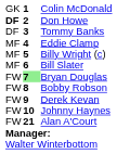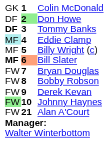 <table style="font-size:90%; margin:0.2em auto;" cellspacing="0" cellpadding="0">
 <tr>
 <th width="25"></th>
 <th width="25"></th>
 </tr>
 <tr>
 <td>GK</td>
 <td><strong>1</strong></td>
 <td><a href='#'>Colin McDonald</a></td>
 </tr>
 <tr>
-<td><strong>DF</strong></td>
-<td><strong>2</strong></td>
+<td>DF</td>
+<td style="background: lightgreen;"><strong>2</strong></td>
 <td><a href='#'>Don Howe</a></td>
 </tr>
 <tr>
-<td>DF</td>
+<td><strong>DF</strong></td>
 <td><strong>3</strong></td>
 <td><a href='#'>Tommy Banks</a></td>
 </tr>
 <tr>
-<td>MF</td>
+<td style="background: paleturquoise;">MF</td>
 <td><strong>4</strong></td>
 <td><a href='#'>Eddie Clamp</a></td>
 </tr>
 <tr>
 <td>MF</td>
 <td><strong>5</strong></td>
 <td><a href='#'>Billy Wright</a> (<a href='#'>c</a>)</td>
 </tr>
 <tr>
-<td>MF</td>
-<td><strong>6</strong></td>
+<td><strong>MF</strong></td>
+<td style="background: lightsalmon;"><strong>6</strong></td>
 <td><a href='#'>Bill Slater</a></td>
 </tr>
 <tr>
 <td>FW</td>
-<td style="background: lightgreen;"><strong>7</strong></td>
+<td><strong>7</strong></td>
 <td><a href='#'>Bryan Douglas</a></td>
 </tr>
 <tr>
 <td>FW</td>
 <td><strong>8</strong></td>
 <td><a href='#'>Bobby Robson</a></td>
 </tr>
 <tr>
 <td>FW</td>
 <td><strong>9</strong></td>
 <td><a href='#'>Derek Kevan</a></td>
 </tr>
 <tr>
-<td>FW</td>
+<td style="background: lightgreen;">FW</td>
 <td><strong>10</strong></td>
 <td><a href='#'>Johnny Haynes</a></td>
 </tr>
 <tr>
 <td>FW</td>
 <td><strong>21</strong></td>
 <td><a href='#'>Alan A'Court</a></td>
 </tr>
 <tr>
 <td colspan=3><strong>Manager:</strong></td>
 </tr>
 <tr>
 <td colspan=4><a href='#'>Walter Winterbottom</a></td>
 </tr>
 </table>
